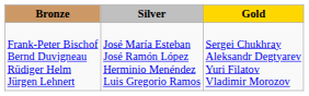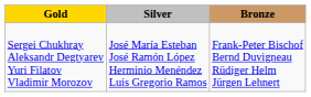 <table class=wikitable>
 <tr>
+<td align=center bgcolor=gold> <strong>Gold</strong></td>
+<td align=center bgcolor=silver> <strong>Silver</strong></td>
 <td align=center bgcolor=cc9966> <strong>Bronze</strong></td>
-<td align=center bgcolor=silver> <strong>Silver</strong></td>
-<td align=center bgcolor=gold> <strong>Gold</strong></td>
 </tr>
 <tr>
+<td><br><a href='#'>Sergei Chukhray</a><br><a href='#'>Aleksandr Degtyarev</a><br><a href='#'>Yuri Filatov</a><br><a href='#'>Vladimir Morozov</a></td>
+<td><br><a href='#'>José María Esteban</a><br><a href='#'>José Ramón López</a><br><a href='#'>Herminio Menéndez</a><br><a href='#'>Luis Gregorio Ramos</a></td>
 <td><br><a href='#'>Frank-Peter Bischof</a><br><a href='#'>Bernd Duvigneau</a><br><a href='#'>Rüdiger Helm</a><br><a href='#'>Jürgen Lehnert</a></td>
-<td><br><a href='#'>José María Esteban</a><br><a href='#'>José Ramón López</a><br><a href='#'>Herminio Menéndez</a><br><a href='#'>Luis Gregorio Ramos</a></td>
-<td><br><a href='#'>Sergei Chukhray</a><br><a href='#'>Aleksandr Degtyarev</a><br><a href='#'>Yuri Filatov</a><br><a href='#'>Vladimir Morozov</a></td>
 </tr>
 </table>
